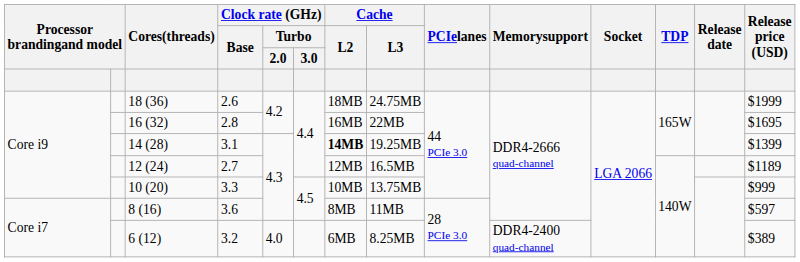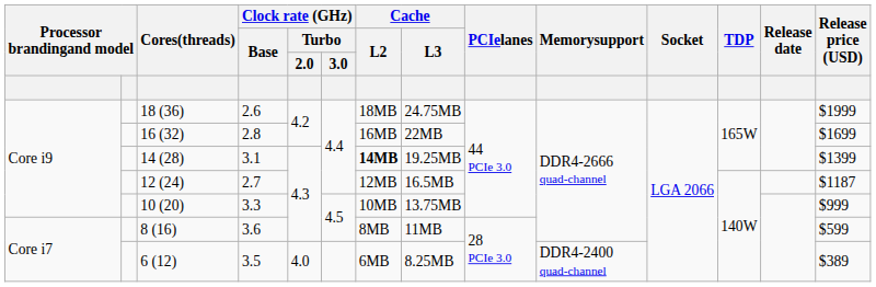 <table style=text-align: center; class="wikitable sortable mw-datatable">
 <tr>
 <th rowspan="3" colspan="2">Processor<br>brandingand model</th>
 <th rowspan="3">Cores(threads)</th>
 <th colspan="3"><a href='#'>Clock rate</a> (GHz)</th>
 <th colspan="2"><a href='#'>Cache</a></th>
 <th rowspan="3"><a href='#'>PCIe</a>lanes</th>
 <th rowspan="3">Memorysupport</th>
 <th rowspan="3">Socket</th>
 <th rowspan="3"><a href='#'>TDP</a></th>
 <th rowspan="3">Release<br>date</th>
 <th rowspan="3">Release<br>price<br>(USD)</th>
 </tr>
 <tr>
 <th rowspan="2">Base</th>
 <th colspan="2">Turbo</th>
 <th rowspan="2">L2</th>
 <th rowspan="2">L3</th>
 </tr>
 <tr>
 <th>2.0</th>
 <th>3.0</th>
 </tr>
 <tr>
 <th style="background-position:center"><br></th>
 <th style="background-position:center"></th>
 <th style="background-position:center"></th>
 <th style="background-position:center"></th>
 <th style="background-position:center"></th>
 <th style="background-position:center"></th>
 <th style="background-position:center"></th>
 <th style="background-position:center"></th>
 <th style="background-position:center"></th>
 <th style="background-position:center"></th>
 <th style="background-position:center"></th>
 <th style="background-position:center"></th>
 <th style="background-position:center"></th>
 <th style="background-position:center"></th>
 </tr>
 <tr>
 <td rowspan="5">Core i9</td>
 <td></td>
 <td>18 (36)</td>
 <td>2.6</td>
 <td rowspan="2">4.2</td>
 <td rowspan="4">4.4</td>
 <td>18MB</td>
 <td>24.75MB</td>
 <td rowspan="5">44 <br><small><a href='#'>PCIe 3.0</a></small></td>
 <td rowspan="6">DDR4-2666<br><small><a href='#'>quad-channel</a></small></td>
 <td rowspan="7"><a href='#'>LGA 2066</a></td>
 <td rowspan="3">165W</td>
 <td rowspan="3"></td>
 <td>$1999</td>
 </tr>
 <tr>
 <td></td>
 <td>16 (32)</td>
 <td>2.8</td>
 <td>16MB</td>
 <td>22MB</td>
-<td>$1695</td>
+<td>$1699</td>
 </tr>
 <tr>
 <td></td>
 <td>14 (28)</td>
 <td>3.1</td>
 <td rowspan="4">4.3</td>
 <td><strong>14MB</strong></td>
 <td>19.25MB</td>
 <td>$1399</td>
 </tr>
 <tr>
 <td></td>
 <td>12 (24)</td>
 <td>2.7</td>
 <td>12MB</td>
 <td>16.5MB</td>
 <td rowspan="4">140W</td>
 <td></td>
-<td>$1189</td>
+<td>$1187</td>
 </tr>
 <tr>
 <td><strong></strong></td>
 <td>10 (20)</td>
 <td>3.3</td>
 <td rowspan="2">4.5</td>
 <td>10MB</td>
 <td>13.75MB</td>
 <td rowspan="3"></td>
 <td>$999</td>
 </tr>
 <tr>
 <td rowspan="2">Core i7</td>
 <td><strong></strong></td>
 <td>8 (16)</td>
 <td>3.6</td>
 <td>8MB</td>
 <td>11MB</td>
 <td rowspan="2">28 <br><small><a href='#'>PCIe 3.0</a></small></td>
-<td>$597</td>
+<td>$599</td>
 </tr>
 <tr>
 <td><strong></strong></td>
 <td>6 (12)</td>
-<td>3.2</td>
+<td>3.5</td>
 <td>4.0</td>
 <td></td>
 <td>6MB</td>
 <td>8.25MB</td>
 <td>DDR4-2400<br><small><a href='#'>quad-channel</a></small></td>
 <td>$389</td>
 </tr>
 </table>
